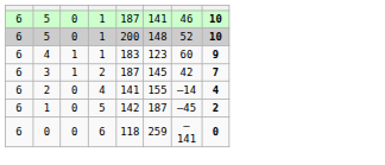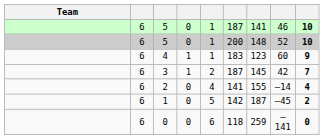 <table class="wikitable" style="text-align: center; font-size:90% ">
 <tr>
+<th width=160>Team</th>
 <th width=25></th>
 <th width=25></th>
 <th width=25></th>
 <th width=25></th>
 <th width=25></th>
 <th width=25></th>
 <th width=28></th>
 <th width=25></th>
 </tr>
 <tr bgcolor=#CCFFCC>
+<td align=left></td>
 <td>6</td>
 <td>5</td>
 <td>0</td>
 <td>1</td>
 <td>187</td>
 <td>141</td>
 <td>46</td>
 <td><strong>10</strong></td>
 </tr>
 <tr bgcolor=#CCCCCC>
+<td align=left></td>
 <td>6</td>
 <td>5</td>
 <td>0</td>
 <td>1</td>
 <td>200</td>
 <td>148</td>
 <td>52</td>
 <td><strong>10</strong></td>
 </tr>
 <tr>
+<td align=left></td>
 <td>6</td>
 <td>4</td>
 <td>1</td>
 <td>1</td>
 <td>183</td>
 <td>123</td>
 <td>60</td>
 <td><strong>9</strong></td>
 </tr>
 <tr>
+<td align=left></td>
 <td>6</td>
 <td>3</td>
 <td>1</td>
 <td>2</td>
 <td>187</td>
 <td>145</td>
 <td>42</td>
 <td><strong>7</strong></td>
 </tr>
 <tr>
+<td align=left></td>
 <td>6</td>
 <td>2</td>
 <td>0</td>
 <td>4</td>
 <td>141</td>
 <td>155</td>
 <td>–14</td>
 <td><strong>4</strong></td>
 </tr>
 <tr>
+<td align=left></td>
 <td>6</td>
 <td>1</td>
 <td>0</td>
 <td>5</td>
 <td>142</td>
 <td>187</td>
 <td>–45</td>
 <td><strong>2</strong></td>
 </tr>
 <tr>
+<td align=left></td>
 <td>6</td>
 <td>0</td>
 <td>0</td>
 <td>6</td>
 <td>118</td>
 <td>259</td>
 <td>–141</td>
 <td><strong>0</strong></td>
 </tr>
 </table>
